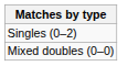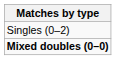 <table class="wikitable" style=font-size:90%>
 <tr>
 <th>Matches by type</th>
 </tr>
 <tr>
 <td>Singles (0–2)</td>
 </tr>
 <tr>
-<td>Mixed doubles (0–0)</td>
+<td><strong>Mixed doubles (0–0)</strong></td>
 </tr>
 </table>
